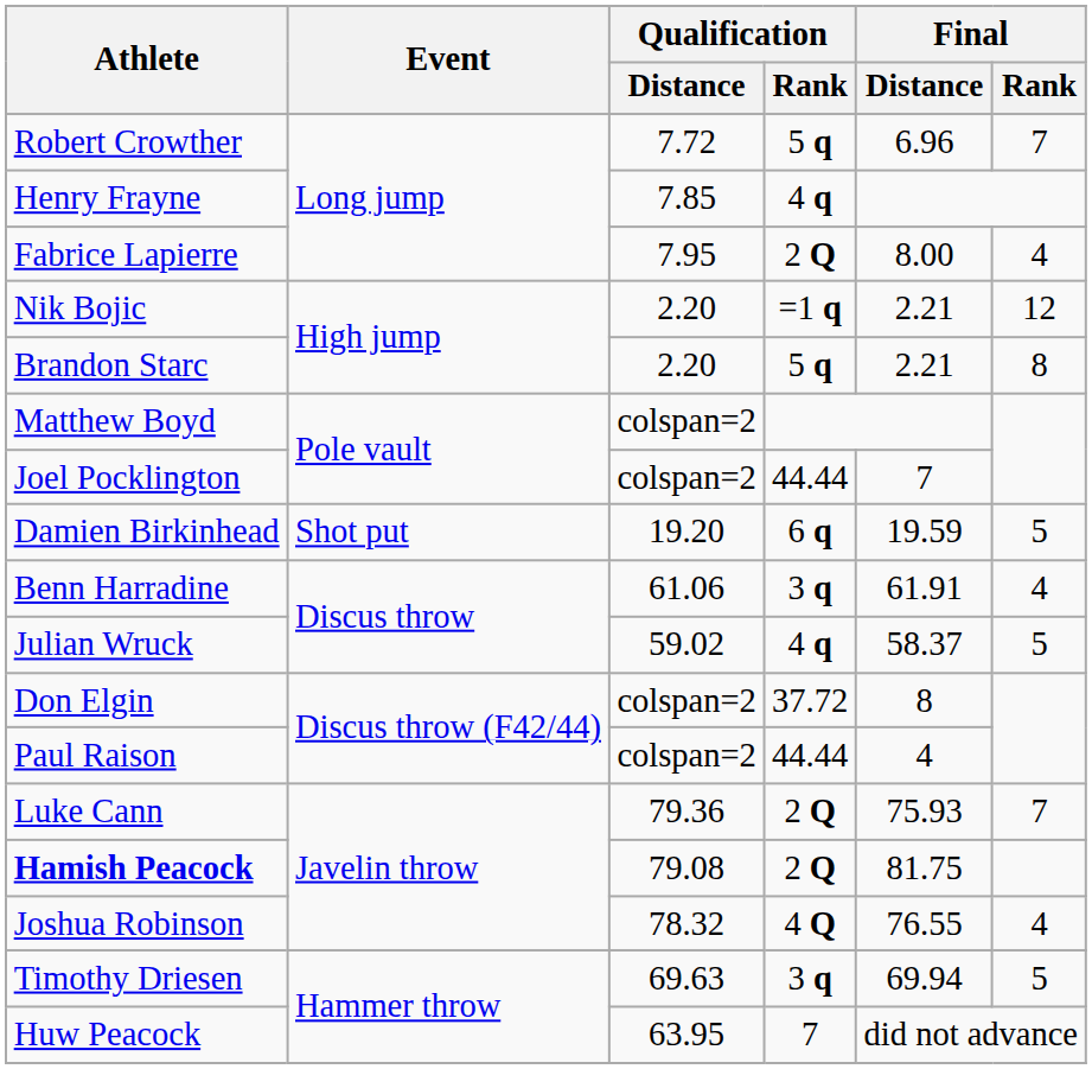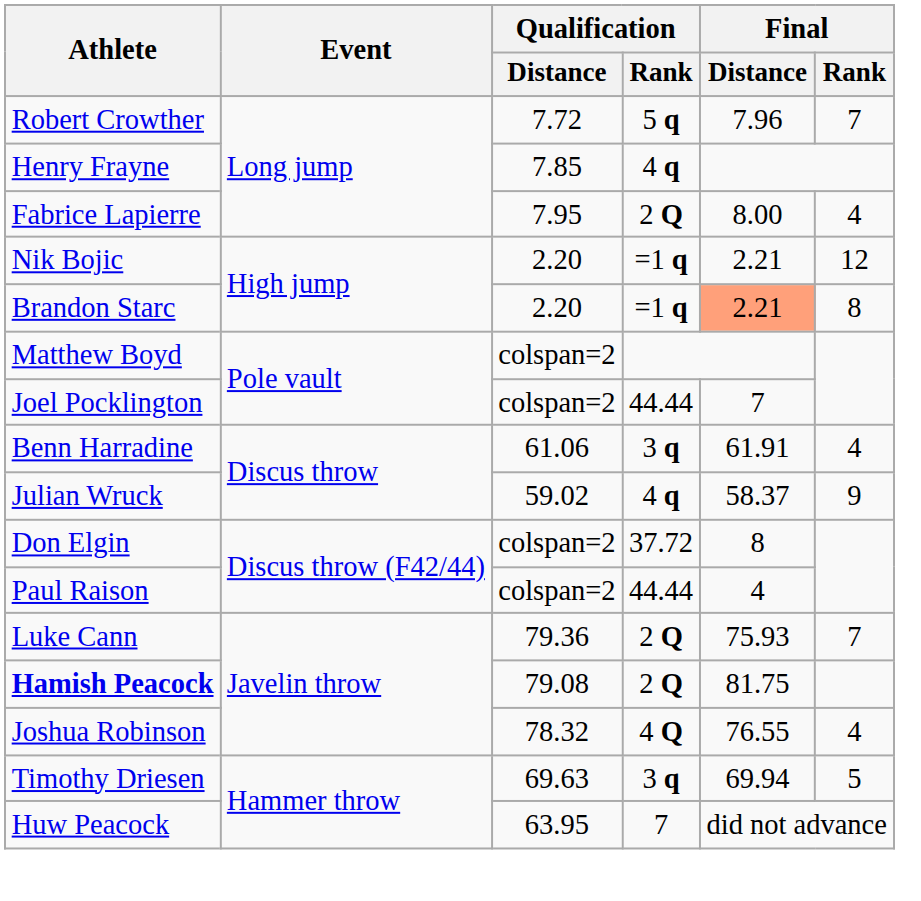 <table class="wikitable" style="font-size:90%">
 <tr>
 <th rowspan=2>Athlete</th>
 <th rowspan=2>Event</th>
 <th colspan=2>Qualification</th>
 <th colspan=2>Final</th>
 </tr>
 <tr style="font-size:95%">
 <th>Distance</th>
 <th>Rank</th>
 <th>Distance</th>
 <th>Rank</th>
 </tr>
 <tr align=center>
 <td align=left><a href='#'>Robert Crowther</a></td>
 <td align=left rowspan=3><a href='#'>Long jump</a></td>
 <td>7.72</td>
 <td>5 <strong>q</strong></td>
-<td>6.96</td>
+<td>7.96</td>
 <td>7</td>
 </tr>
 <tr align=center>
 <td align=left><a href='#'>Henry Frayne</a></td>
 <td>7.85</td>
 <td>4 <strong>q</strong></td>
 <td colspan=2></td>
 </tr>
 <tr align=center>
 <td align=left><a href='#'>Fabrice Lapierre</a></td>
 <td>7.95</td>
 <td>2 <strong>Q</strong></td>
 <td>8.00</td>
 <td>4</td>
 </tr>
 <tr align=center>
 <td align=left><a href='#'>Nik Bojic</a></td>
 <td align=left rowspan=2><a href='#'>High jump</a></td>
 <td>2.20</td>
 <td>=1 <strong>q</strong></td>
 <td>2.21</td>
 <td>12</td>
 </tr>
 <tr align=center>
 <td align=left><a href='#'>Brandon Starc</a></td>
 <td>2.20</td>
-<td>5 <strong>q</strong></td>
-<td>2.21</td>
+<td>=1 <strong>q</strong></td>
+<td style="background: lightsalmon;">2.21</td>
 <td>8</td>
 </tr>
 <tr align=center>
 <td align=left><a href='#'>Matthew Boyd</a></td>
 <td align=left rowspan=2><a href='#'>Pole vault</a></td>
 <td>colspan=2 </td>
 <td colspan=2></td>
 </tr>
 <tr align=center>
 <td align=left><a href='#'>Joel Pocklington</a></td>
 <td>colspan=2 </td>
 <td>44.44</td>
 <td>7</td>
 </tr>
 <tr align=center>
-<td align=left><a href='#'>Damien Birkinhead</a></td>
-<td align=left><a href='#'>Shot put</a></td>
-<td>19.20</td>
-<td>6 <strong>q</strong></td>
-<td>19.59</td>
-<td>5</td>
-</tr>
-<tr align=center>
 <td align=left><a href='#'>Benn Harradine</a></td>
 <td align=left rowspan=2><a href='#'>Discus throw</a></td>
 <td>61.06</td>
 <td>3 <strong>q</strong></td>
 <td>61.91</td>
 <td>4</td>
 </tr>
 <tr align=center>
 <td align=left><a href='#'>Julian Wruck</a></td>
 <td>59.02</td>
 <td>4 <strong>q</strong></td>
 <td>58.37</td>
-<td>5</td>
+<td>9</td>
 </tr>
 <tr align=center>
 <td align=left><a href='#'>Don Elgin</a></td>
 <td align=left rowspan=2><a href='#'>Discus throw (F42/44)</a></td>
 <td>colspan=2 </td>
 <td>37.72</td>
 <td>8</td>
 </tr>
 <tr align=center>
 <td align=left><a href='#'>Paul Raison</a></td>
 <td>colspan=2 </td>
 <td>44.44</td>
 <td>4</td>
 </tr>
 <tr align=center>
 <td align=left><a href='#'>Luke Cann</a></td>
 <td align=left rowspan=3><a href='#'>Javelin throw</a></td>
 <td>79.36</td>
 <td>2 <strong>Q</strong></td>
 <td>75.93</td>
 <td>7</td>
 </tr>
 <tr align=center>
 <td align=left><strong><a href='#'>Hamish Peacock</a></strong></td>
 <td>79.08</td>
 <td>2 <strong>Q</strong></td>
 <td>81.75</td>
 <td></td>
 </tr>
 <tr align=center>
 <td align=left><a href='#'>Joshua Robinson</a></td>
 <td>78.32</td>
 <td>4 <strong>Q</strong></td>
 <td>76.55</td>
 <td>4</td>
 </tr>
 <tr align=center>
 <td align=left><a href='#'>Timothy Driesen</a></td>
 <td align=left rowspan=2><a href='#'>Hammer throw</a></td>
 <td>69.63</td>
 <td>3 <strong>q</strong></td>
 <td>69.94</td>
 <td>5</td>
 </tr>
 <tr align=center>
 <td align=left><a href='#'>Huw Peacock</a></td>
 <td>63.95</td>
 <td>7</td>
 <td colspan=2>did not advance</td>
 </tr>
 </table>
